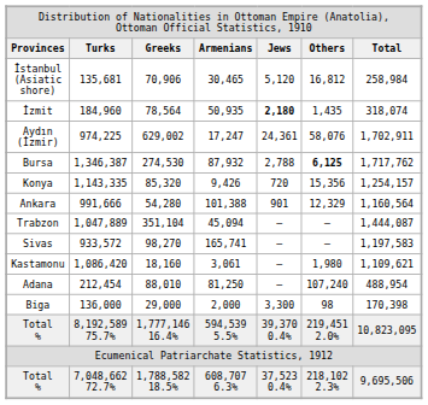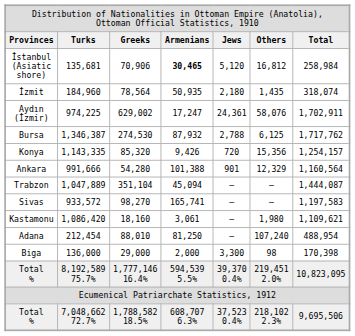 <table cellpadding="4" cellspacing="0" rules="all" style="float:right; width:180px; margin:1em; background:#fff; border:2px solid #aaa; font-size:75%; clear:right">
 <tr style="background:#ddd;">
 <td colspan="8" style="text-align:center;">Distribution of Nationalities in Ottoman Empire (Anatolia),<br>Ottoman Official Statistics, 1910</td>
 </tr>
 <tr style="background:#f0f0f0; text-align:center;">
 <th>Provinces</th>
 <th>Turks</th>
 <th>Greeks</th>
 <th>Armenians</th>
 <th>Jews</th>
 <th>Others</th>
 <th>Total</th>
 </tr>
 <tr style="text-align:center;">
 <td>İstanbul (Asiatic shore)</td>
 <td>135,681</td>
 <td>70,906</td>
-<td>30,465</td>
+<td><strong>30,465</strong></td>
 <td>5,120</td>
 <td>16,812</td>
 <td>258,984</td>
 </tr>
 <tr style="text-align:center;">
 <td>İzmit</td>
 <td>184,960</td>
 <td>78,564</td>
 <td>50,935</td>
-<td><strong>2,180</strong></td>
+<td>2,180</td>
 <td>1,435</td>
 <td>318,074</td>
 </tr>
 <tr style="text-align:center;">
 <td>Aydın (İzmir)</td>
 <td>974,225</td>
 <td>629,002</td>
 <td>17,247</td>
 <td>24,361</td>
 <td>58,076</td>
 <td>1,702,911</td>
 </tr>
 <tr style="text-align:center;">
 <td>Bursa</td>
 <td>1,346,387</td>
 <td>274,530</td>
 <td>87,932</td>
 <td>2,788</td>
-<td><strong>6,125</strong></td>
+<td>6,125</td>
 <td>1,717,762</td>
 </tr>
 <tr style="text-align:center;">
 <td>Konya</td>
 <td>1,143,335</td>
 <td>85,320</td>
 <td>9,426</td>
 <td>720</td>
 <td>15,356</td>
 <td>1,254,157</td>
 </tr>
 <tr style="text-align:center;">
 <td>Ankara</td>
 <td>991,666</td>
 <td>54,280</td>
 <td>101,388</td>
 <td>901</td>
 <td>12,329</td>
 <td>1,160,564</td>
 </tr>
 <tr style="text-align:center;">
 <td>Trabzon</td>
 <td>1,047,889</td>
 <td>351,104</td>
 <td>45,094</td>
 <td>–</td>
 <td>–</td>
 <td>1,444,087</td>
 </tr>
 <tr style="text-align:center;">
 <td>Sivas</td>
 <td>933,572</td>
 <td>98,270</td>
 <td>165,741</td>
 <td>–</td>
 <td>–</td>
 <td>1,197,583</td>
 </tr>
 <tr style="text-align:center;">
 <td>Kastamonu</td>
 <td>1,086,420</td>
 <td>18,160</td>
 <td>3,061</td>
 <td>–</td>
 <td>1,980</td>
 <td>1,109,621</td>
 </tr>
 <tr style="text-align:center;">
 <td>Adana</td>
 <td>212,454</td>
 <td>88,010</td>
 <td>81,250</td>
 <td>–</td>
 <td>107,240</td>
 <td>488,954</td>
 </tr>
 <tr style="text-align:center;">
 <td>Biga</td>
 <td>136,000</td>
 <td>29,000</td>
 <td>2,000</td>
 <td>3,300</td>
 <td>98</td>
 <td>170,398</td>
 </tr>
 <tr style="background:#f0f0f0; text-align:center;">
 <td>Total<br>%</td>
 <td>8,192,589<br>75.7%</td>
 <td>1,777,146<br>16.4%</td>
 <td>594,539<br>5.5%</td>
 <td>39,370<br>0.4%</td>
 <td>219,451<br>2.0%</td>
 <td>10,823,095</td>
 </tr>
 <tr style="background:#ddd;">
 <td colspan="8" style="text-align:center;">Ecumenical Patriarchate Statistics, 1912</td>
 </tr>
 <tr style="background:#f0f0f0; text-align:center;">
 <td>Total<br>%</td>
 <td>7,048,662<br>72.7%</td>
 <td>1,788,582<br>18.5%</td>
 <td>608,707<br>6.3%</td>
 <td>37,523<br>0.4%</td>
 <td>218,102<br>2.3%</td>
 <td>9,695,506</td>
 </tr>
 </table>
